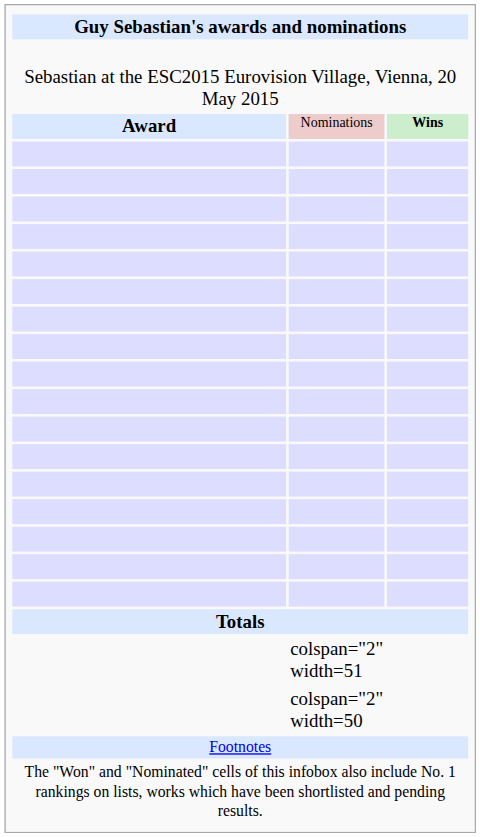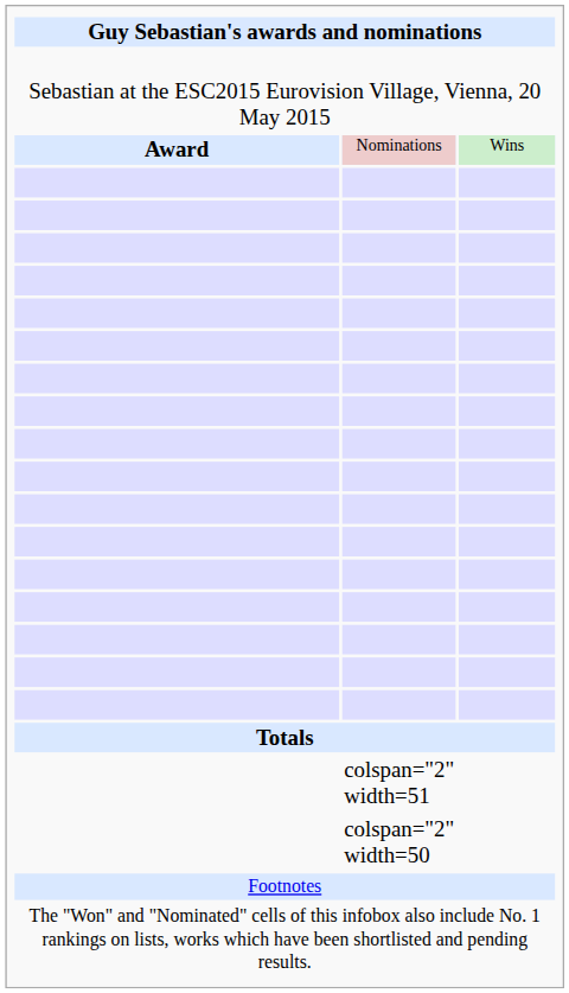 <table class="infobox" style="width: 25em; text-align: left; font-size: 90%; vertical-align: middle;">
 <tr>
 </tr>
 <tr bgcolor=#D9E8FF>
 <td colspan="3" style="text-align:center;"><strong>Guy Sebastian's awards and nominations</strong></td>
 </tr>
 <tr>
 <td colspan="3" style="text-align:center;"><br>Sebastian at the ESC2015 Eurovision Village, Vienna, 20 May 2015</td>
 </tr>
 <tr bgcolor=#D9E8FF style="text-align:center;">
 <th style="vertical-align: middle;">Award</th>
 <td style="background:#eecccc; font-size:8pt;" width="60px">Nominations</td>
-<td style="background:#cceecc; font-size:8pt;" width="60px"><strong>Wins</strong></td>
+<td style="background:#cceecc; font-size:8pt;" width="60px">Wins</td>
 </tr>
 <tr bgcolor="ddddff">
 <td align="center"><br></td>
 <td></td>
 <td></td>
 </tr>
 <tr bgcolor="ddddff">
 <td align="center"><br></td>
 <td></td>
 <td></td>
 </tr>
 <tr bgcolor=#ddddff>
 <td align="center"><br></td>
 <td></td>
 <td></td>
 </tr>
 <tr bgcolor="ddddff">
 <td align="center"><br></td>
 <td></td>
 <td></td>
 </tr>
 <tr bgcolor="ddddff">
 <td align="center"><br></td>
 <td></td>
 <td></td>
 </tr>
 <tr bgcolor="ddddff">
 <td align="center"><br></td>
 <td></td>
 <td></td>
 </tr>
 <tr bgcolor="ddddff">
 <td align="center"><br></td>
 <td></td>
 <td></td>
 </tr>
 <tr bgcolor="ddddff">
 <td align="center"><br></td>
 <td></td>
 <td></td>
 </tr>
 <tr bgcolor="ddddff">
 <td align="center"><br></td>
 <td></td>
 <td></td>
 </tr>
 <tr bgcolor="ddddff">
 <td align="center"><br></td>
 <td></td>
 <td></td>
 </tr>
 <tr bgcolor="ddddff">
 <td align="center"><br></td>
 <td></td>
 <td></td>
 </tr>
 <tr bgcolor="ddddff">
 <td align="center"><br></td>
 <td></td>
 <td></td>
 </tr>
 <tr bgcolor="ddddff">
 <td align="center"><br></td>
 <td></td>
 <td></td>
 </tr>
 <tr bgcolor="ddddff">
 <td align="center"><br></td>
 <td></td>
 <td></td>
 </tr>
 <tr bgcolor="ddddff">
 <td align="center"><br></td>
 <td></td>
 <td></td>
 </tr>
 <tr bgcolor="ddddff">
 <td align="center"><br></td>
 <td></td>
 <td></td>
 </tr>
 <tr bgcolor="ddddff">
 <td align="center"><br></td>
 <td></td>
 <td></td>
 </tr>
 <tr bgcolor=#D9E8FF>
 <td colspan="3" style="text-align:center;"><strong>Totals</strong></td>
 </tr>
 <tr>
 <td></td>
 <td>colspan="2" width=51 </td>
 </tr>
 <tr>
 <td></td>
 <td>colspan="2" width=50 </td>
 </tr>
 <tr bgcolor=#D9E8FF>
 <td colspan="3" style="font-size: smaller; text-align:center;"><a href='#'>Footnotes</a></td>
 </tr>
 <tr>
 <td colspan="3" style="font-size: smaller; text-align:center;">The "Won" and "Nominated" cells of this infobox also include No. 1 rankings on lists, works which have been shortlisted and pending results.</td>
 </tr>
 <tr>
 </tr>
 </table>
